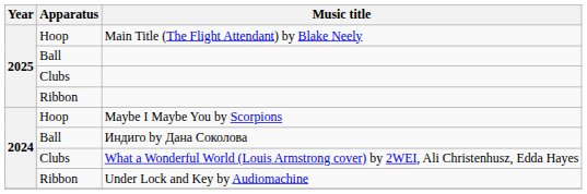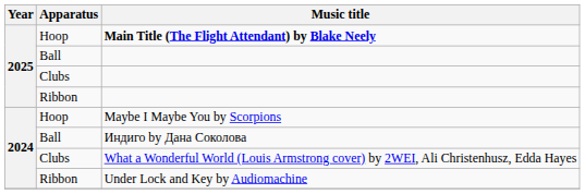 <table class="wikitable plainrowheaders">
 <tr>
 <th scope=col>Year</th>
 <th scope=col>Apparatus</th>
 <th scope=col>Music title</th>
 </tr>
 <tr>
 <th scope=row rowspan=4>2025</th>
 <td>Hoop</td>
-<td>Main Title (<a href='#'>The Flight Attendant</a>) by <a href='#'>Blake Neely</a></td>
+<td><strong>Main Title (<a href='#'>The Flight Attendant</a>) by <a href='#'>Blake Neely</a></strong></td>
 </tr>
 <tr>
 <td>Ball</td>
 <td></td>
 </tr>
 <tr>
 <td>Clubs</td>
 <td></td>
 </tr>
 <tr>
 <td>Ribbon</td>
 <td></td>
 </tr>
 <tr>
 <th scope=row rowspan=4>2024</th>
 <td>Hoop</td>
 <td>Maybe I Maybe You by <a href='#'>Scorpions</a></td>
 </tr>
 <tr>
 <td>Ball</td>
 <td>Индиго by Дана Соколова</td>
 </tr>
 <tr>
 <td>Clubs</td>
 <td><a href='#'>What a Wonderful World (Louis Armstrong cover)</a> by <a href='#'>2WEI</a>, Ali Christenhusz, Edda Hayes</td>
 </tr>
 <tr>
 <td>Ribbon</td>
 <td>Under Lock and Key by <a href='#'>Audiomachine</a></td>
 </tr>
 <tr>
 </tr>
 </table>
